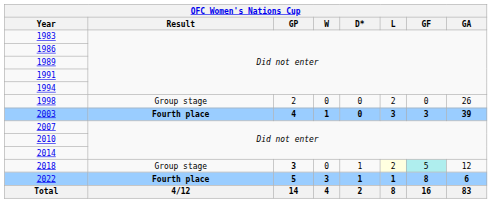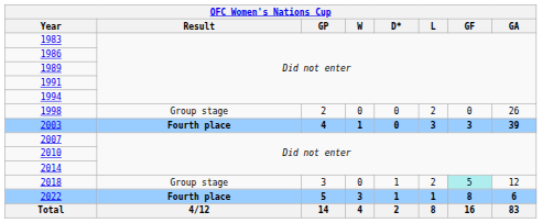 <table class="wikitable" style="text-align: center; width:50%;">
 <tr>
 <th colspan=9><a href='#'>OFC Women's Nations Cup</a></th>
 </tr>
 <tr>
 <th>Year</th>
 <th>Result</th>
 <th>GP</th>
 <th>W</th>
 <th>D*</th>
 <th>L</th>
 <th>GF</th>
 <th>GA</th>
 </tr>
 <tr>
 <td> <a href='#'>1983</a></td>
 <td colspan=8 rowspan=5><em>Did not enter</em></td>
 </tr>
 <tr>
 <td> <a href='#'>1986</a></td>
 </tr>
 <tr>
 <td> <a href='#'>1989</a></td>
 </tr>
 <tr>
 <td> <a href='#'>1991</a></td>
 </tr>
 <tr>
 <td> <a href='#'>1994</a></td>
 </tr>
 <tr>
 <td> <a href='#'>1998</a></td>
 <td>Group stage</td>
 <td>2</td>
 <td>0</td>
 <td>0</td>
 <td>2</td>
 <td>0</td>
 <td>26</td>
 </tr>
 <tr style="background:#9acdff">
 <td> <a href='#'>2003</a></td>
 <td><strong>Fourth place</strong></td>
 <td><strong>4</strong></td>
 <td><strong>1</strong></td>
 <td><strong>0</strong></td>
 <td><strong>3</strong></td>
 <td><strong>3</strong></td>
 <td><strong>39</strong></td>
 </tr>
 <tr>
 <td> <a href='#'>2007</a></td>
 <td colspan=8 rowspan=3><em>Did not enter</em></td>
 </tr>
 <tr>
 <td> <a href='#'>2010</a></td>
 </tr>
 <tr>
 <td> <a href='#'>2014</a></td>
 </tr>
 <tr>
 <td> <a href='#'>2018</a></td>
 <td>Group stage</td>
-<td><strong>3</strong></td>
+<td>3</td>
 <td>0</td>
 <td>1</td>
-<td style="background: lightyellow;">2</td>
+<td>2</td>
 <td style="background: paleturquoise;">5</td>
 <td>12</td>
 </tr>
 <tr style="background:#9acdff">
 <td> <a href='#'>2022</a></td>
 <td><strong>Fourth place</strong></td>
 <td><strong>5</strong></td>
 <td><strong>3</strong></td>
 <td><strong>1</strong></td>
 <td><strong>1</strong></td>
 <td><strong>8</strong></td>
 <td><strong>6</strong></td>
 </tr>
 <tr>
 <th><strong>Total</strong></th>
 <th><strong>4/12</strong></th>
 <th><strong>14</strong></th>
 <th><strong>4</strong></th>
 <th><strong>2</strong></th>
 <th><strong>8</strong></th>
 <th><strong>16</strong></th>
 <th><strong>83</strong></th>
 </tr>
 </table>
